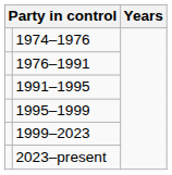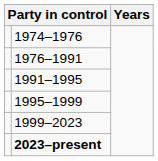 <table class="wikitable">
 <tr>
 <th colspan=2>Party in control</th>
 <th>Years</th>
 </tr>
 <tr>
 <td></td>
 <td>1974–1976</td>
 </tr>
 <tr>
 <td></td>
 <td>1976–1991</td>
 </tr>
 <tr>
 <td></td>
 <td>1991–1995</td>
 </tr>
 <tr>
 <td></td>
 <td>1995–1999</td>
 </tr>
 <tr>
 <td></td>
 <td>1999–2023</td>
 </tr>
 <tr>
 <td></td>
-<td>2023–present</td>
+<td><strong>2023–present</strong></td>
 </tr>
 </table>
